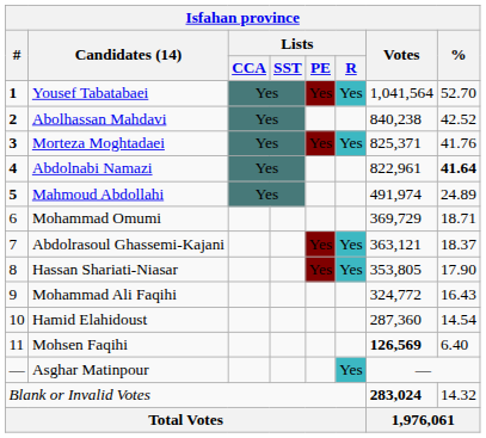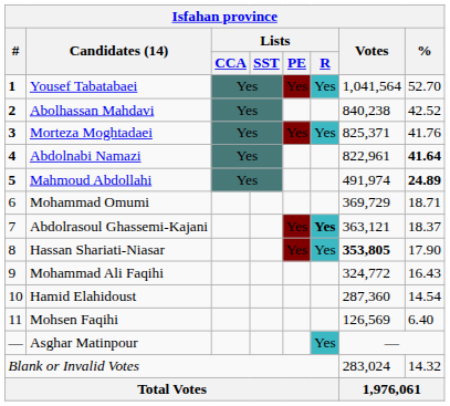 <table class=wikitable style=text-align:left>
 <tr>
 <th colspan="8" align=center><a href='#'>Isfahan province</a></th>
 </tr>
 <tr>
 <th rowspan="2">#</th>
 <th rowspan="2">Candidates (14)</th>
 <th colspan="4">Lists</th>
 <th rowspan="2">Votes</th>
 <th rowspan="2">%</th>
 </tr>
 <tr>
 <th><a href='#'>CCA</a></th>
 <th><a href='#'>SST</a></th>
 <th><a href='#'>PE</a></th>
 <th><a href='#'>R</a></th>
 </tr>
 <tr>
 <td><strong>1</strong></td>
 <td><a href='#'>Yousef Tabatabaei</a></td>
 <td colspan="2" align=center style="background:#477979;"><span>Yes</span></td>
 <td style="background:#800000;"><span>Yes</span></td>
 <td style="background:#3cb8c2;"><span>Yes</span></td>
 <td>1,041,564</td>
 <td>52.70</td>
 </tr>
 <tr>
 <td><strong>2</strong></td>
 <td><a href='#'>Abolhassan Mahdavi</a></td>
 <td colspan="2" align=center style="background:#477979;"><span>Yes</span></td>
 <td></td>
 <td></td>
 <td>840,238</td>
 <td>42.52</td>
 </tr>
 <tr>
 <td><strong>3</strong></td>
 <td><a href='#'>Morteza Moghtadaei</a></td>
 <td colspan="2" align=center style="background:#477979;"><span>Yes</span></td>
 <td style="background:#800000;"><span>Yes</span></td>
 <td style="background:#3cb8c2;"><span>Yes</span></td>
 <td>825,371</td>
 <td>41.76</td>
 </tr>
 <tr>
 <td><strong>4</strong></td>
 <td><a href='#'>Abdolnabi Namazi</a></td>
 <td colspan="2" align=center style="background:#477979;"><span>Yes</span></td>
 <td></td>
 <td></td>
 <td>822,961</td>
 <td><strong>41.64</strong></td>
 </tr>
 <tr>
 <td><strong>5</strong></td>
 <td><a href='#'>Mahmoud Abdollahi</a></td>
 <td colspan="2" align=center style="background:#477979;"><span>Yes</span></td>
 <td></td>
 <td></td>
 <td>491,974</td>
-<td>24.89</td>
+<td><strong>24.89</strong></td>
 </tr>
 <tr>
 <td>6</td>
 <td>Mohammad Omumi</td>
 <td></td>
 <td></td>
 <td></td>
 <td></td>
 <td>369,729</td>
 <td>18.71</td>
 </tr>
 <tr>
 <td>7</td>
 <td>Abdolrasoul Ghassemi-Kajani</td>
 <td></td>
 <td></td>
 <td style="background:#800000;"><span>Yes</span></td>
-<td style="background:#3cb8c2;"><span>Yes</span></td>
+<td style="background:#3cb8c2;"><strong><span>Yes</span></strong></td>
 <td>363,121</td>
 <td>18.37</td>
 </tr>
 <tr>
 <td>8</td>
 <td>Hassan Shariati-Niasar</td>
 <td></td>
 <td></td>
 <td style="background:#800000;"><span>Yes</span></td>
 <td style="background:#3cb8c2;"><span>Yes</span></td>
-<td>353,805</td>
+<td><strong>353,805</strong></td>
 <td>17.90</td>
 </tr>
 <tr>
 <td>9</td>
 <td>Mohammad Ali Faqihi</td>
 <td></td>
 <td></td>
 <td></td>
 <td></td>
 <td>324,772</td>
 <td>16.43</td>
 </tr>
 <tr>
 <td>10</td>
 <td>Hamid Elahidoust</td>
 <td></td>
 <td></td>
 <td></td>
 <td></td>
 <td>287,360</td>
 <td>14.54</td>
 </tr>
 <tr>
 <td>11</td>
 <td>Mohsen Faqihi</td>
 <td></td>
 <td></td>
 <td></td>
 <td></td>
-<td><strong>126,569</strong></td>
+<td>126,569</td>
 <td>6.40</td>
 </tr>
 <tr>
 <td>—</td>
 <td>Asghar Matinpour</td>
 <td></td>
 <td></td>
 <td></td>
 <td style="background:#3cb8c2;"><span>Yes</span></td>
 <td colspan="2" align="center">—</td>
 </tr>
 <tr>
 <td colspan="6"><em>Blank or Invalid Votes</em></td>
-<td><strong>283,024</strong></td>
+<td>283,024</td>
 <td>14.32</td>
 </tr>
 <tr>
 <th colspan="6">Total Votes</th>
 <th colspan="2">1,976,061</th>
 </tr>
 </table>
